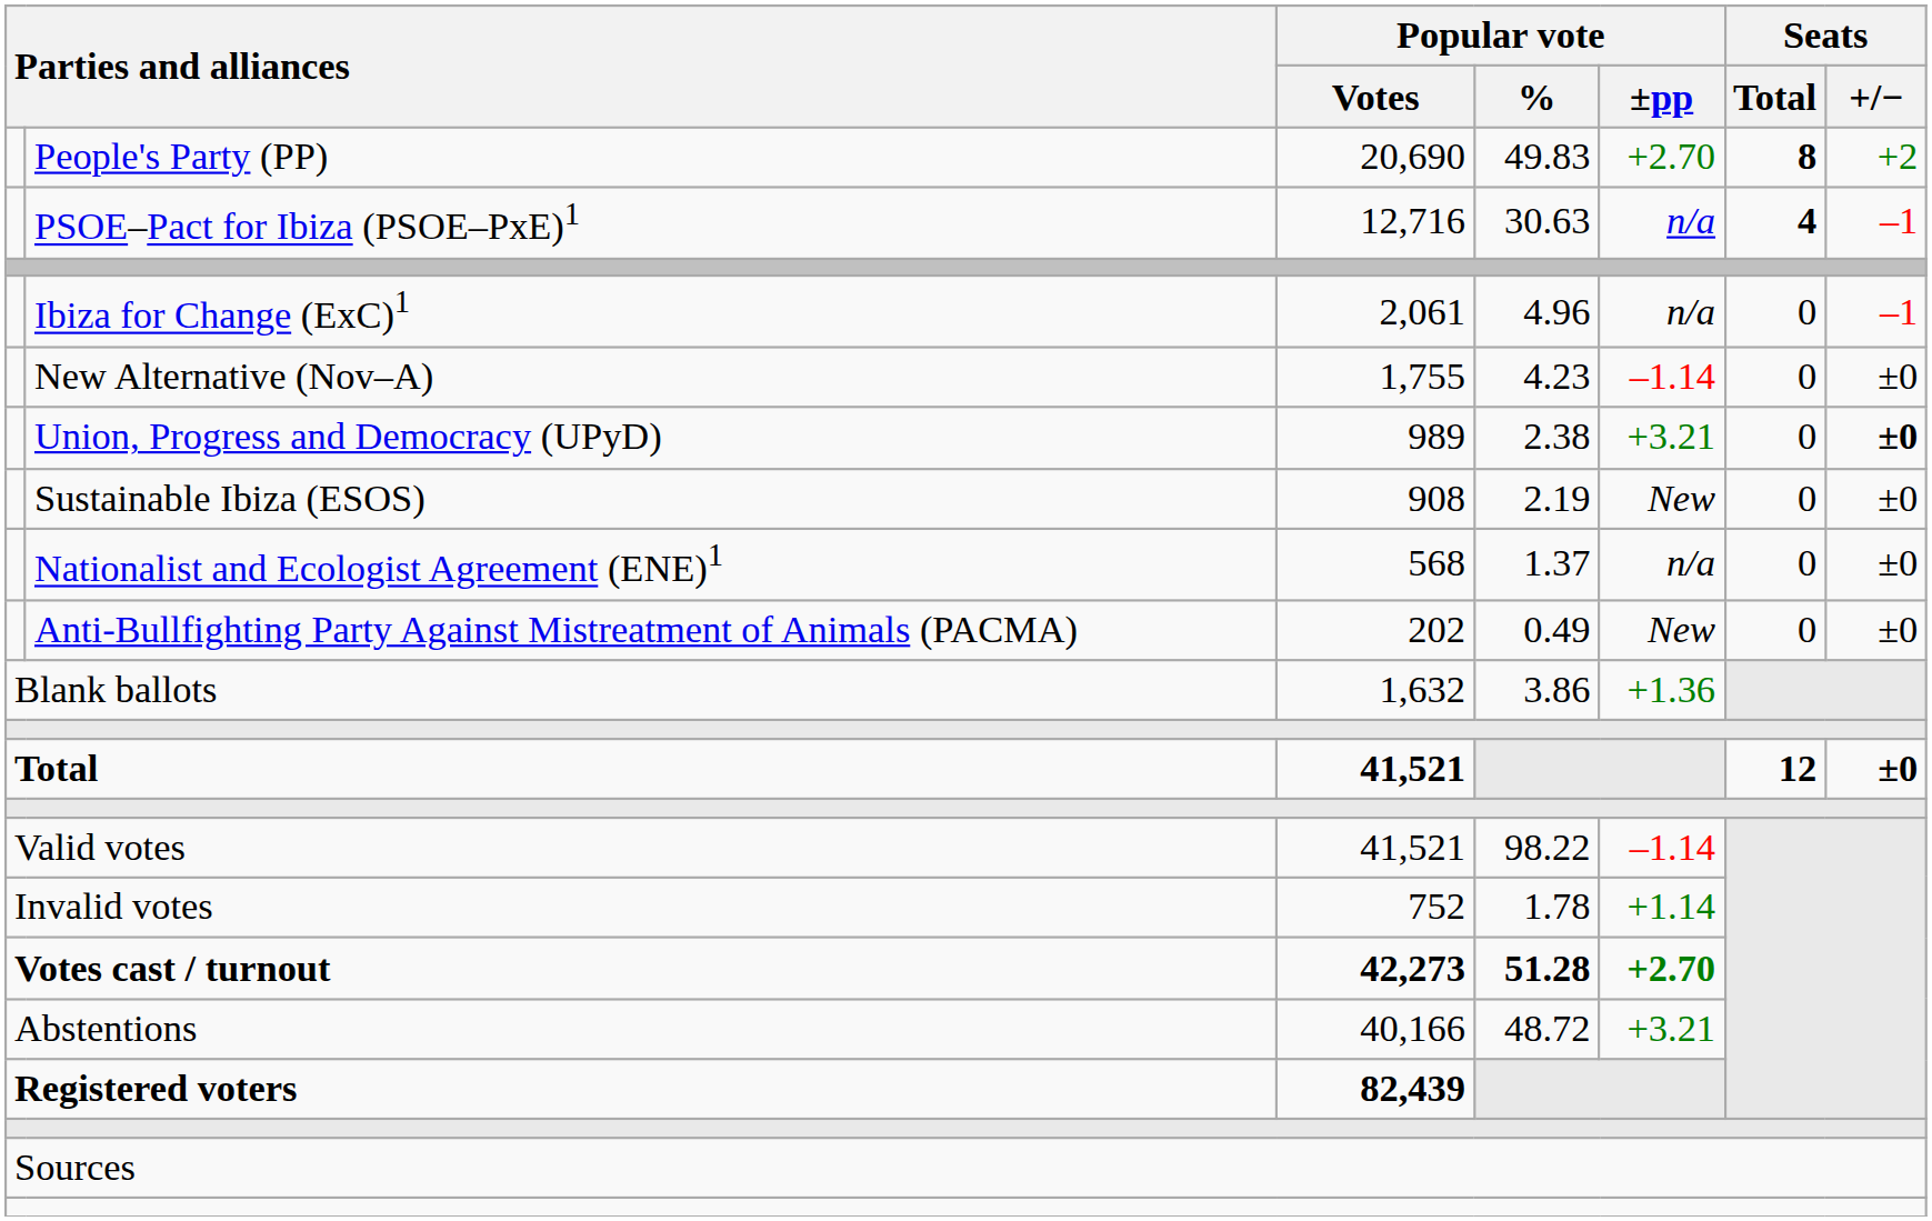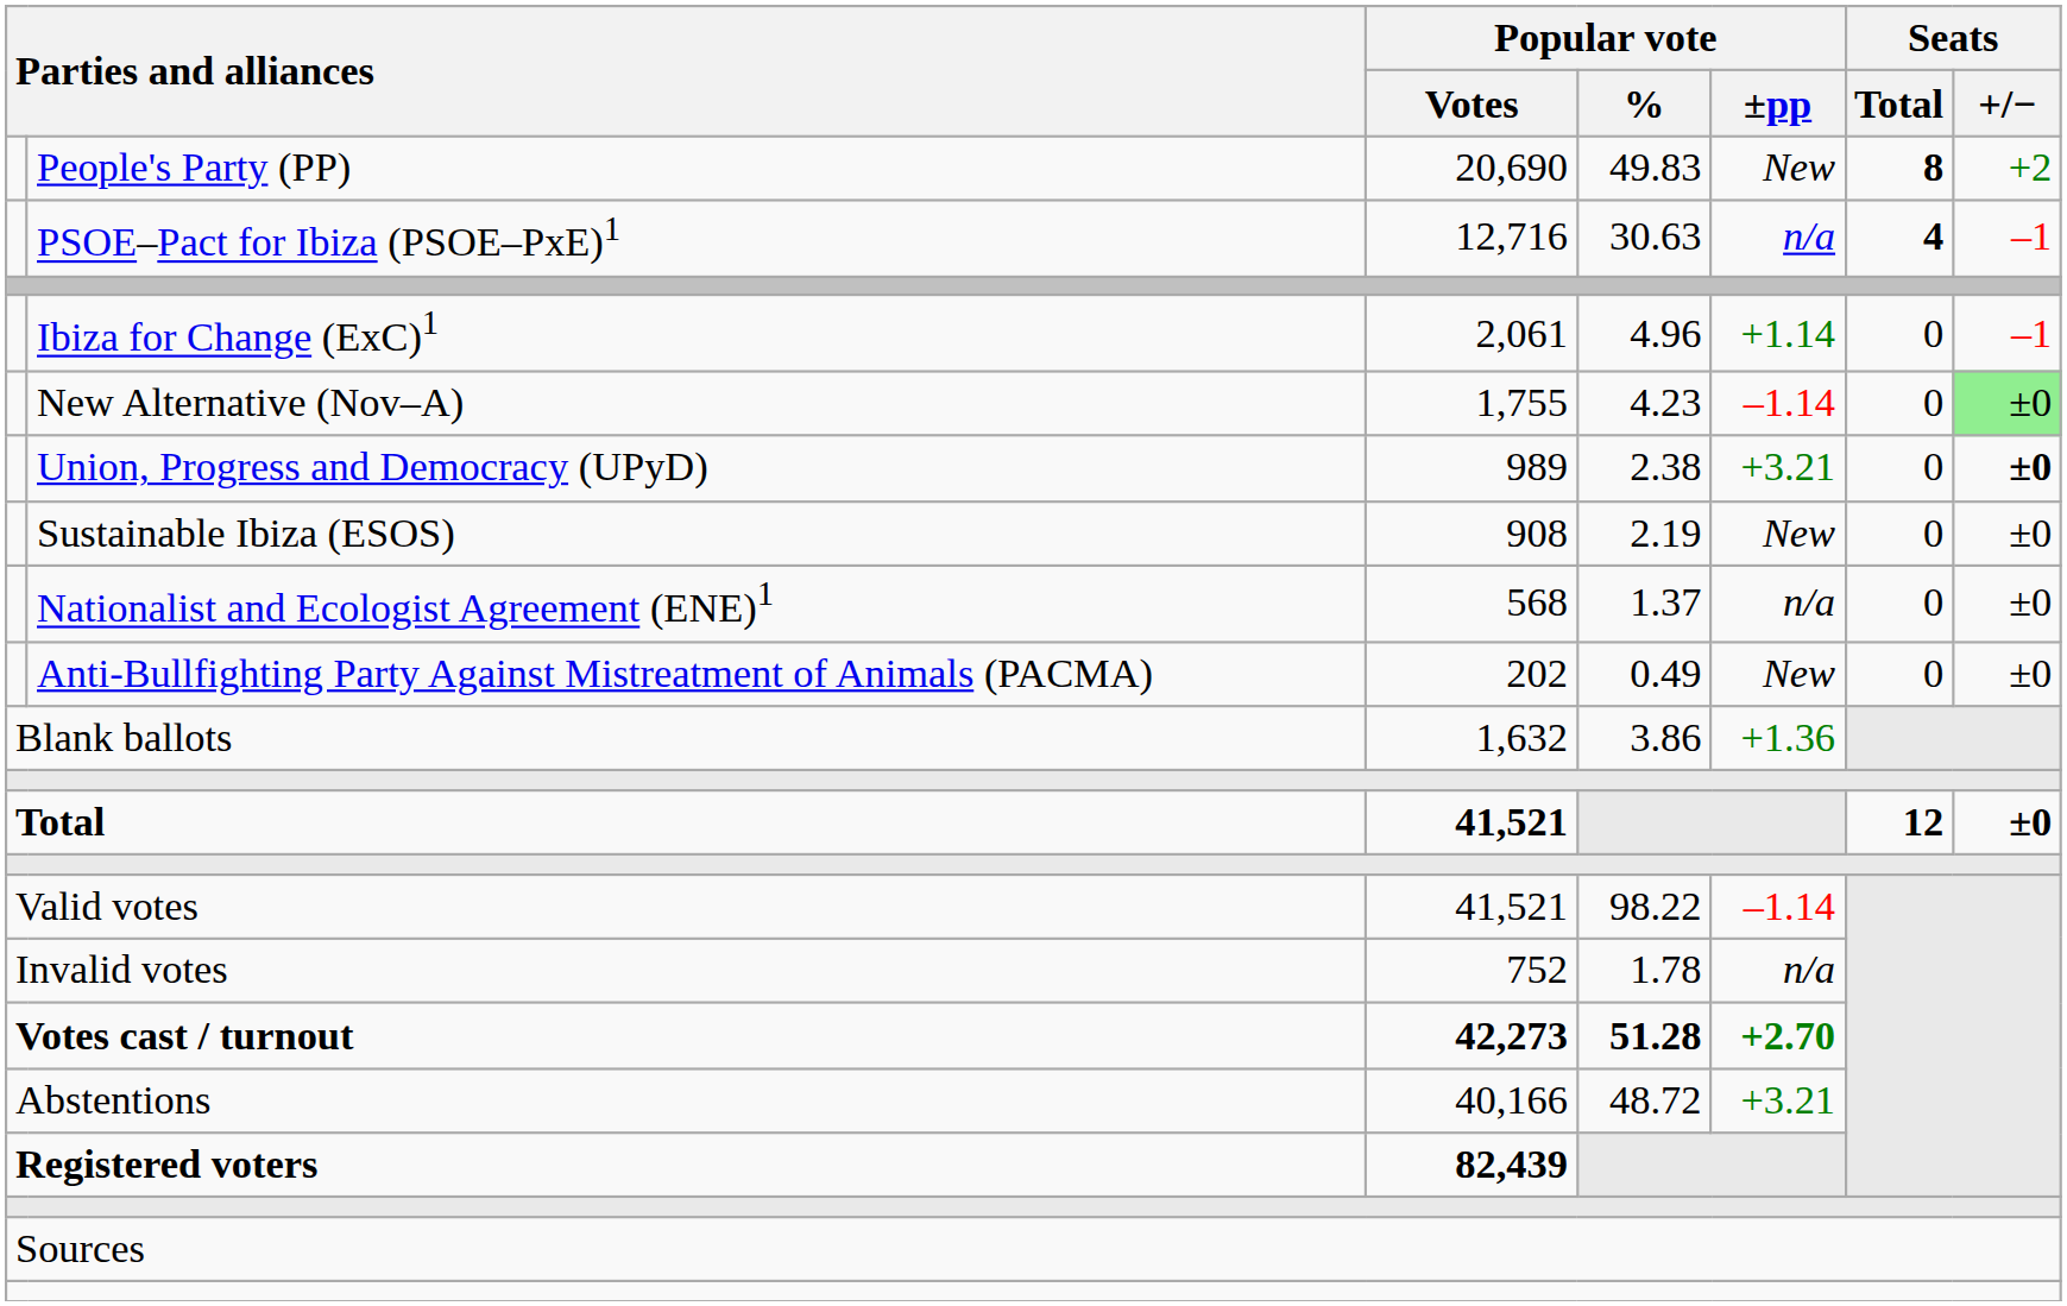 <table class="wikitable" style="text-align:right;">
 <tr>
 <th style="text-align:left;" rowspan="2" colspan="2" width="525">Parties and alliances</th>
 <th colspan="3">Popular vote</th>
 <th colspan="2">Seats</th>
 </tr>
 <tr>
 <th width="75">Votes</th>
 <th width="45">%</th>
 <th width="45">±<a href='#'>pp</a></th>
 <th width="35">Total</th>
 <th width="35">+/−</th>
 </tr>
 <tr>
 <td width="1" style="color:inherit;background:"></td>
 <td align="left"><a href='#'>People's Party</a> (PP)</td>
 <td>20,690</td>
 <td>49.83</td>
-<td style="color:green;">+2.70</td>
+<td><em>New</em></td>
 <td><strong>8</strong></td>
 <td style="color:green;">+2</td>
 </tr>
 <tr>
 <td style="color:inherit;background:"></td>
 <td align="left"><a href='#'>PSOE</a>–<a href='#'>Pact for Ibiza</a> (PSOE–PxE)<sup>1</sup></td>
 <td>12,716</td>
 <td>30.63</td>
 <td><em><a href='#'>n/a</a></em></td>
 <td><strong>4</strong></td>
 <td style="color:red;">–1</td>
 </tr>
 <tr>
 <td colspan="7" bgcolor="#C0C0C0"></td>
 </tr>
 <tr>
 <td style="color:inherit;background:"></td>
 <td align="left"><a href='#'>Ibiza for Change</a> (ExC)<sup>1</sup></td>
 <td>2,061</td>
 <td>4.96</td>
-<td><em>n/a</em></td>
+<td style="color:green;">+1.14</td>
 <td>0</td>
 <td style="color:red;">–1</td>
 </tr>
 <tr>
 <td style="color:inherit;background:"></td>
 <td align="left">New Alternative (Nov–A)</td>
 <td>1,755</td>
 <td>4.23</td>
 <td style="color:red;">–1.14</td>
 <td>0</td>
-<td>±0</td>
+<td style="background: lightgreen;">±0</td>
 </tr>
 <tr>
 <td style="color:inherit;background:"></td>
 <td align="left"><a href='#'>Union, Progress and Democracy</a> (UPyD)</td>
 <td>989</td>
 <td>2.38</td>
 <td style="color:green;">+3.21</td>
 <td>0</td>
 <td><strong>±0</strong></td>
 </tr>
 <tr>
 <td style="color:inherit;background:"></td>
 <td align="left">Sustainable Ibiza (ESOS)</td>
 <td>908</td>
 <td>2.19</td>
 <td><em>New</em></td>
 <td>0</td>
 <td>±0</td>
 </tr>
 <tr>
 <td style="color:inherit;background:"></td>
 <td align="left"><a href='#'>Nationalist and Ecologist Agreement</a> (ENE)<sup>1</sup></td>
 <td>568</td>
 <td>1.37</td>
 <td><em>n/a</em></td>
 <td>0</td>
 <td>±0</td>
 </tr>
 <tr>
 <td style="color:inherit;background:"></td>
 <td align="left"><a href='#'>Anti-Bullfighting Party Against Mistreatment of Animals</a> (PACMA)</td>
 <td>202</td>
 <td>0.49</td>
 <td><em>New</em></td>
 <td>0</td>
 <td>±0</td>
 </tr>
 <tr>
 <td align="left" colspan="2">Blank ballots</td>
 <td>1,632</td>
 <td>3.86</td>
 <td style="color:green;">+1.36</td>
 <td bgcolor="#E9E9E9" colspan="2"></td>
 </tr>
 <tr>
 <td colspan="7" bgcolor="#E9E9E9"></td>
 </tr>
 <tr style="font-weight:bold;">
 <td align="left" colspan="2">Total</td>
 <td>41,521</td>
 <td bgcolor="#E9E9E9" colspan="2"></td>
 <td>12</td>
 <td>±0</td>
 </tr>
 <tr>
 <td colspan="7" bgcolor="#E9E9E9"></td>
 </tr>
 <tr>
 <td align="left" colspan="2">Valid votes</td>
 <td>41,521</td>
 <td>98.22</td>
 <td style="color:red;">–1.14</td>
 <td bgcolor="#E9E9E9" colspan="2" rowspan="5"></td>
 </tr>
 <tr>
 <td align="left" colspan="2">Invalid votes</td>
 <td>752</td>
 <td>1.78</td>
-<td style="color:green;">+1.14</td>
+<td><em>n/a</em></td>
 </tr>
 <tr style="font-weight:bold;">
 <td align="left" colspan="2">Votes cast / turnout</td>
 <td>42,273</td>
 <td>51.28</td>
 <td style="color:green;">+2.70</td>
 </tr>
 <tr>
 <td align="left" colspan="2">Abstentions</td>
 <td>40,166</td>
 <td>48.72</td>
 <td style="color:green;">+3.21</td>
 </tr>
 <tr style="font-weight:bold;">
 <td align="left" colspan="2">Registered voters</td>
 <td>82,439</td>
 <td bgcolor="#E9E9E9" colspan="2"></td>
 </tr>
 <tr>
 <td colspan="7" bgcolor="#E9E9E9"></td>
 </tr>
 <tr>
 <td align="left" colspan="7">Sources</td>
 </tr>
 <tr>
 <td colspan="7" style="text-align:left; max-width:790px;"></td>
 </tr>
 </table>
